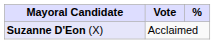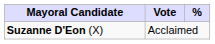 <table class="wikitable">
 <tr>
 <th style="background:#ddf; width:200px;">Mayoral Candidate</th>
 <th style="background:#ddf; width:50px;">Vote</th>
 <th style="background:#ddf; width:30px;">%</th>
 </tr>
 <tr>
-<td style="background: lavender;"><strong>Suzanne D'Eon</strong> (X)</td>
+<td><strong>Suzanne D'Eon</strong> (X)</td>
 <td colspan="2">Acclaimed</td>
 </tr>
 </table>
